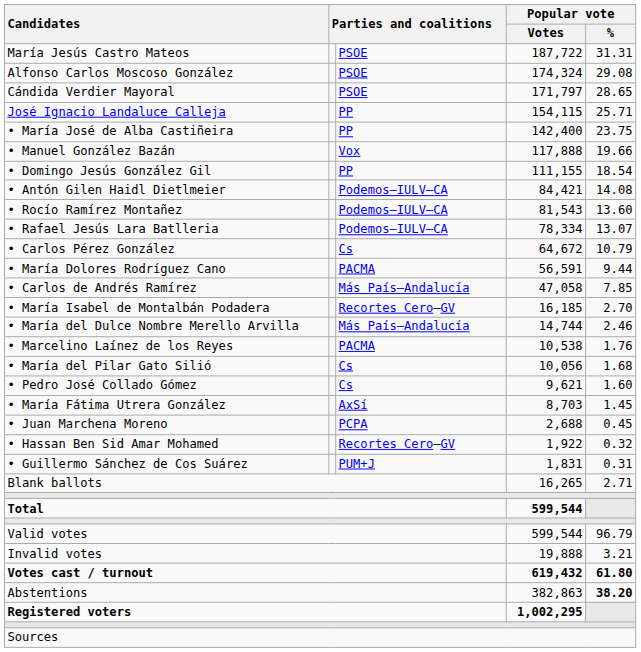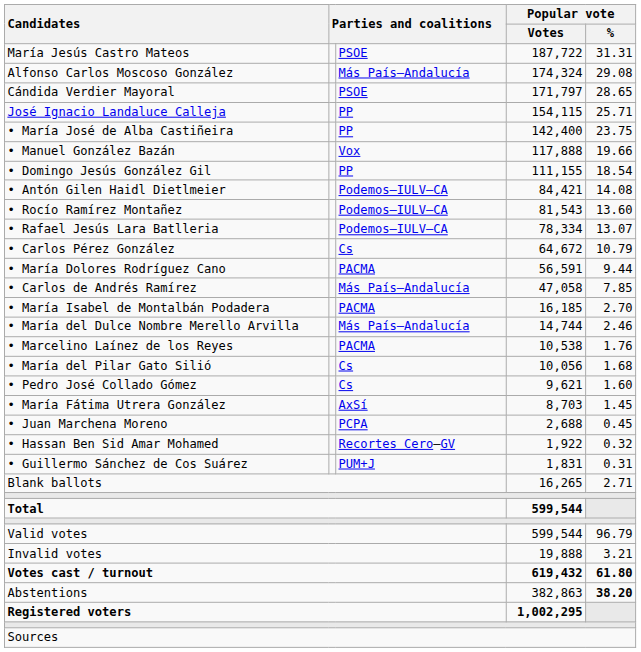 <table class="wikitable" style="text-align:right; font-size:95%;">
 <tr>
 <th style="text-align:left;" rowspan="2" width="325">Candidates</th>
 <th style="text-align:left;" rowspan="2" colspan="2" width="175">Parties and coalitions</th>
 <th colspan="2">Popular vote</th>
 </tr>
 <tr>
 <th width="75">Votes</th>
 <th width="45">%</th>
 </tr>
 <tr>
 <td align="left"> María Jesús Castro Mateos</td>
 <td width="1" style="color:inherit;background:"></td>
 <td align="left"><a href='#'>PSOE</a></td>
 <td>187,722</td>
 <td>31.31</td>
 </tr>
 <tr>
 <td align="left"> Alfonso Carlos Moscoso González</td>
 <td style="color:inherit;background:"></td>
-<td align="left"><a href='#'>PSOE</a></td>
+<td align="left"><a href='#'>Más País–Andalucía</a></td>
 <td>174,324</td>
 <td>29.08</td>
 </tr>
 <tr>
 <td align="left"> Cándida Verdier Mayoral</td>
 <td style="color:inherit;background:"></td>
 <td align="left"><a href='#'>PSOE</a></td>
 <td>171,797</td>
 <td>28.65</td>
 </tr>
 <tr>
 <td align="left"> <a href='#'>José Ignacio Landaluce Calleja</a></td>
 <td style="color:inherit;background:"></td>
 <td align="left"><a href='#'>PP</a></td>
 <td>154,115</td>
 <td>25.71</td>
 </tr>
 <tr>
 <td align="left">• María José de Alba Castiñeira</td>
 <td style="color:inherit;background:"></td>
 <td align="left"><a href='#'>PP</a></td>
 <td>142,400</td>
 <td>23.75</td>
 </tr>
 <tr>
 <td align="left">• Manuel González Bazán</td>
 <td style="color:inherit;background:"></td>
 <td align="left"><a href='#'>Vox</a></td>
 <td>117,888</td>
 <td>19.66</td>
 </tr>
 <tr>
 <td align="left">• Domingo Jesús González Gil</td>
 <td style="color:inherit;background:"></td>
 <td align="left"><a href='#'>PP</a></td>
 <td>111,155</td>
 <td>18.54</td>
 </tr>
 <tr>
 <td align="left">• Antón Gilen Haidl Dietlmeier</td>
 <td style="color:inherit;background:"></td>
 <td align="left"><a href='#'>Podemos–IULV–CA</a></td>
 <td>84,421</td>
 <td>14.08</td>
 </tr>
 <tr>
 <td align="left">• Rocío Ramírez Montañez</td>
 <td style="color:inherit;background:"></td>
 <td align="left"><a href='#'>Podemos–IULV–CA</a></td>
 <td>81,543</td>
 <td>13.60</td>
 </tr>
 <tr>
 <td align="left">• Rafael Jesús Lara Batlleria</td>
 <td style="color:inherit;background:"></td>
 <td align="left"><a href='#'>Podemos–IULV–CA</a></td>
 <td>78,334</td>
 <td>13.07</td>
 </tr>
 <tr>
 <td align="left">• Carlos Pérez González</td>
 <td style="color:inherit;background:"></td>
 <td align="left"><a href='#'>Cs</a></td>
 <td>64,672</td>
 <td>10.79</td>
 </tr>
 <tr>
 <td align="left">• María Dolores Rodríguez Cano</td>
 <td style="color:inherit;background:"></td>
 <td align="left"><a href='#'>PACMA</a></td>
 <td>56,591</td>
 <td>9.44</td>
 </tr>
 <tr>
 <td align="left">• Carlos de Andrés Ramírez</td>
 <td style="color:inherit;background:"></td>
 <td align="left"><a href='#'>Más País–Andalucía</a></td>
 <td>47,058</td>
 <td>7.85</td>
 </tr>
 <tr>
 <td align="left">• María Isabel de Montalbán Podadera</td>
 <td style="color:inherit;background:"></td>
-<td align="left"><a href='#'>Recortes Cero</a>–<a href='#'>GV</a></td>
+<td align="left"><a href='#'>PACMA</a></td>
 <td>16,185</td>
 <td>2.70</td>
 </tr>
 <tr>
 <td align="left">• María del Dulce Nombre Merello Arvilla</td>
 <td style="color:inherit;background:"></td>
 <td align="left"><a href='#'>Más País–Andalucía</a></td>
 <td>14,744</td>
 <td>2.46</td>
 </tr>
 <tr>
 <td align="left">• Marcelino Laínez de los Reyes</td>
 <td style="color:inherit;background:"></td>
 <td align="left"><a href='#'>PACMA</a></td>
 <td>10,538</td>
 <td>1.76</td>
 </tr>
 <tr>
 <td align="left">• María del Pilar Gato Silió</td>
 <td style="color:inherit;background:"></td>
 <td align="left"><a href='#'>Cs</a></td>
 <td>10,056</td>
 <td>1.68</td>
 </tr>
 <tr>
 <td align="left">• Pedro José Collado Gómez</td>
 <td style="color:inherit;background:"></td>
 <td align="left"><a href='#'>Cs</a></td>
 <td>9,621</td>
 <td>1.60</td>
 </tr>
 <tr>
 <td align="left">• María Fátima Utrera González</td>
 <td style="color:inherit;background:"></td>
 <td align="left"><a href='#'>AxSí</a></td>
 <td>8,703</td>
 <td>1.45</td>
 </tr>
 <tr>
 <td align="left">• Juan Marchena Moreno</td>
 <td style="color:inherit;background:"></td>
 <td align="left"><a href='#'>PCPA</a></td>
 <td>2,688</td>
 <td>0.45</td>
 </tr>
 <tr>
 <td align="left">• Hassan Ben Sid Amar Mohamed</td>
 <td style="color:inherit;background:"></td>
 <td align="left"><a href='#'>Recortes Cero</a>–<a href='#'>GV</a></td>
 <td>1,922</td>
 <td>0.32</td>
 </tr>
 <tr>
 <td align="left">• Guillermo Sánchez de Cos Suárez</td>
 <td style="color:inherit;background:"></td>
 <td align="left"><a href='#'>PUM+J</a></td>
 <td>1,831</td>
 <td>0.31</td>
 </tr>
 <tr>
 <td align="left" colspan="3">Blank ballots</td>
 <td>16,265</td>
 <td>2.71</td>
 </tr>
 <tr>
 <td colspan="5" bgcolor="#E9E9E9"></td>
 </tr>
 <tr style="font-weight:bold;">
 <td align="left" colspan="3">Total</td>
 <td>599,544</td>
 <td bgcolor="#E9E9E9"></td>
 </tr>
 <tr>
 <td colspan="5" bgcolor="#E9E9E9"></td>
 </tr>
 <tr>
 <td align="left" colspan="3">Valid votes</td>
 <td>599,544</td>
 <td>96.79</td>
 </tr>
 <tr>
 <td align="left" colspan="3">Invalid votes</td>
 <td>19,888</td>
 <td>3.21</td>
 </tr>
 <tr style="font-weight:bold;">
 <td align="left" colspan="3">Votes cast / turnout</td>
 <td>619,432</td>
 <td>61.80</td>
 </tr>
 <tr>
 <td align="left" colspan="3">Abstentions</td>
 <td>382,863</td>
 <td><strong>38.20</strong></td>
 </tr>
 <tr style="font-weight:bold;">
 <td align="left" colspan="3">Registered voters</td>
 <td>1,002,295</td>
 <td bgcolor="#E9E9E9"></td>
 </tr>
 <tr>
 <td colspan="5" bgcolor="#E9E9E9"></td>
 </tr>
 <tr>
 <td align="left" colspan="5">Sources</td>
 </tr>
 </table>
